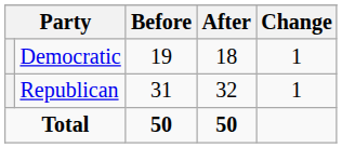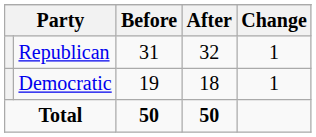 <table class="wikitable" style="text-align:center;">
 <tr>
 </tr>
 <tr>
 <th colspan=2>Party</th>
 <th>Before</th>
 <th>After</th>
 <th>Change</th>
 </tr>
 <tr>
 <th style="background-color:"></th>
-<td style="text-align:left;"><a href='#'>Democratic</a></td>
-<td>19</td>
-<td>18</td>
+<td style="text-align:left;"><a href='#'>Republican</a></td>
+<td>31</td>
+<td>32</td>
 <td> 1</td>
 </tr>
 <tr>
 <th style="background-color:"></th>
-<td style="text-align:left;"><a href='#'>Republican</a></td>
-<td>31</td>
-<td>32</td>
+<td style="text-align:left;"><a href='#'>Democratic</a></td>
+<td>19</td>
+<td>18</td>
 <td> 1</td>
 </tr>
 <tr>
 <td colspan=2><strong>Total</strong></td>
 <td><strong>50</strong></td>
 <td><strong>50</strong></td>
 <td></td>
 </tr>
 </table>
